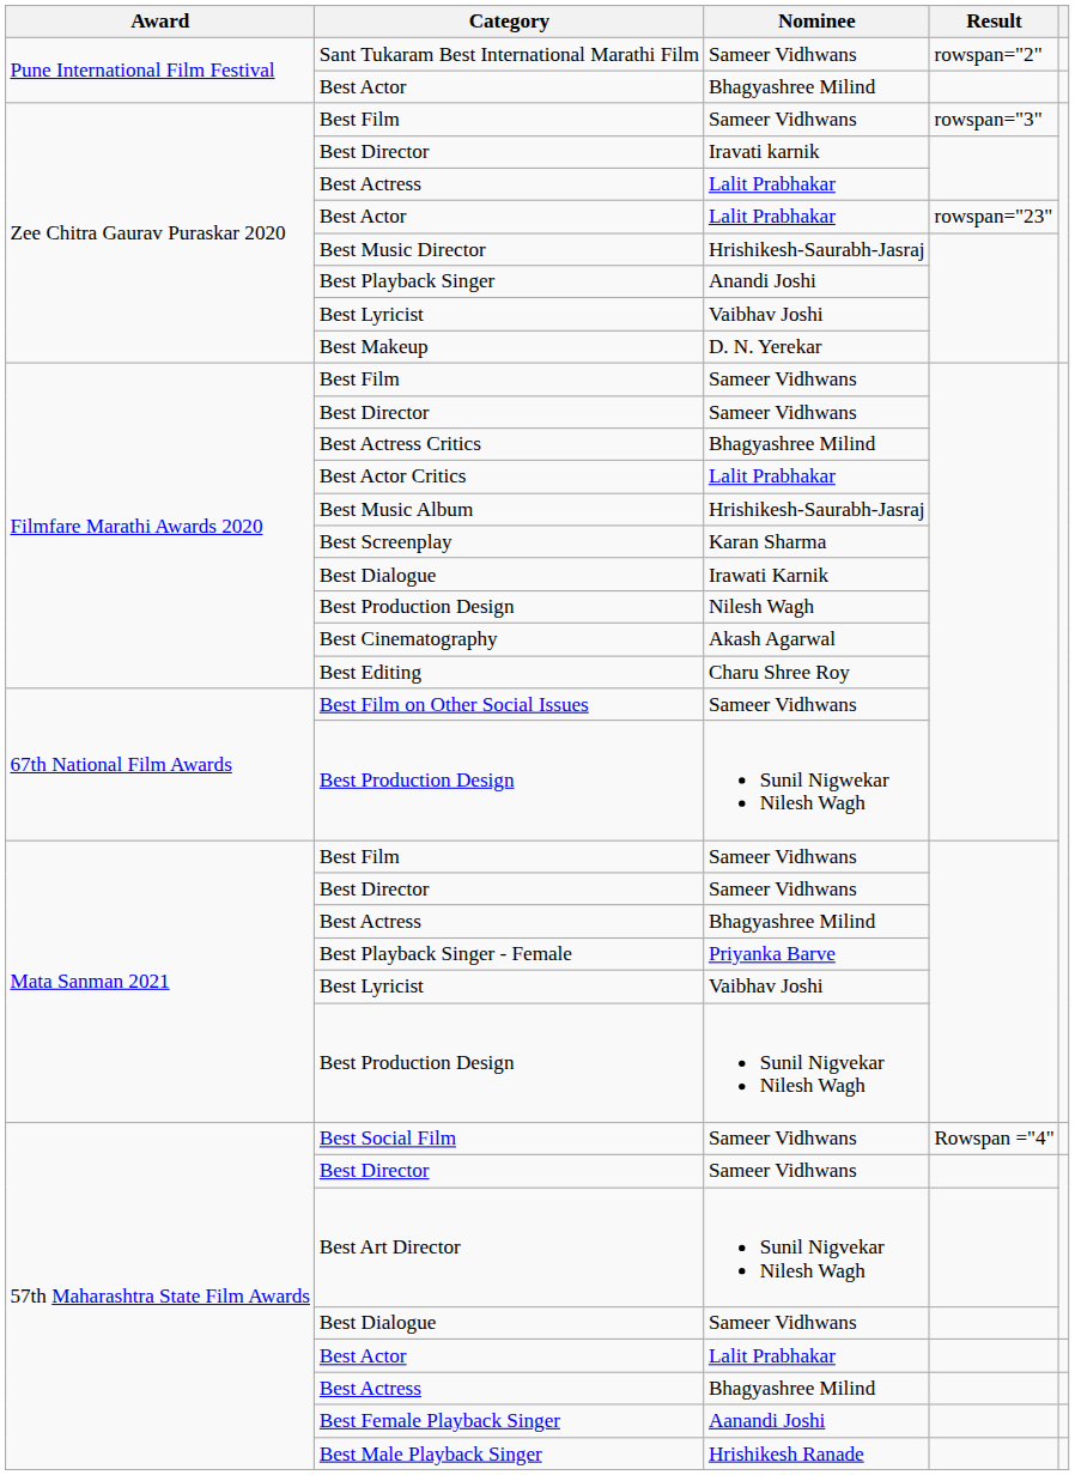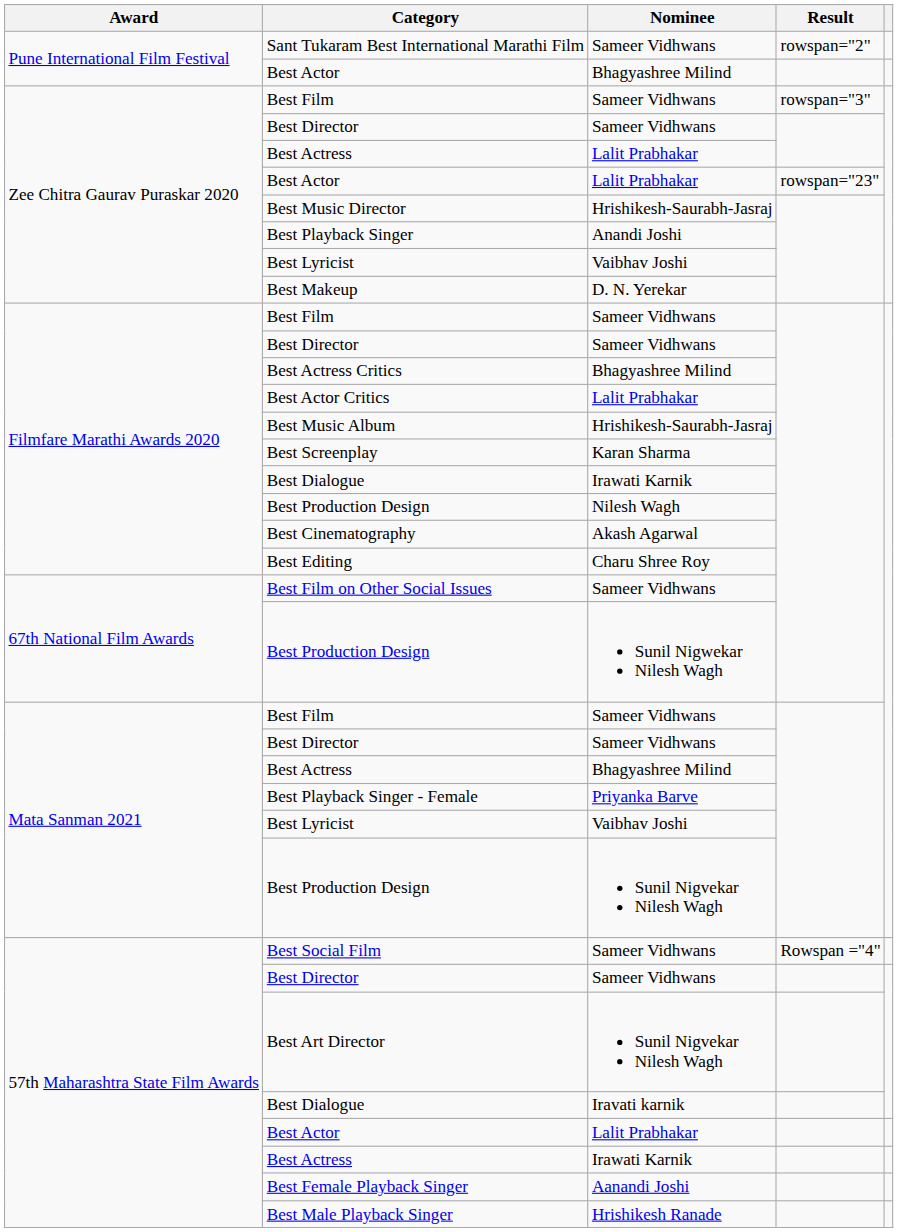 <table class="wikitable sortable plainrowheaders">
 <tr>
 <th>Award</th>
 <th>Category</th>
 <th>Nominee</th>
 <th>Result</th>
 <th></th>
 </tr>
 <tr>
 <td rowspan="2"><a href='#'>Pune International Film Festival</a></td>
 <td>Sant Tukaram Best International Marathi Film</td>
 <td>Sameer Vidhwans</td>
 <td>rowspan="2" </td>
 <td></td>
 </tr>
 <tr>
 <td>Best Actor</td>
 <td>Bhagyashree Milind</td>
 <td></td>
 </tr>
 <tr>
 <td rowspan="8">Zee Chitra Gaurav Puraskar 2020</td>
 <td>Best Film</td>
 <td>Sameer Vidhwans</td>
 <td>rowspan="3" </td>
 <td rowspan="8"></td>
 </tr>
 <tr>
 <td>Best Director</td>
-<td>Iravati karnik</td>
+<td>Sameer Vidhwans</td>
 </tr>
 <tr>
 <td>Best Actress</td>
 <td><a href='#'>Lalit Prabhakar</a></td>
 </tr>
 <tr>
 <td>Best Actor</td>
 <td><a href='#'>Lalit Prabhakar</a></td>
 <td>rowspan="23" </td>
 </tr>
 <tr>
 <td>Best Music Director</td>
 <td>Hrishikesh-Saurabh-Jasraj</td>
 </tr>
 <tr>
 <td>Best Playback Singer</td>
 <td>Anandi Joshi</td>
 </tr>
 <tr>
 <td>Best Lyricist</td>
 <td>Vaibhav Joshi</td>
 </tr>
 <tr>
 <td>Best Makeup</td>
 <td>D. N. Yerekar</td>
 </tr>
 <tr>
 <td rowspan="10"><a href='#'>Filmfare Marathi Awards 2020</a></td>
 <td>Best Film</td>
 <td>Sameer Vidhwans</td>
 <td rowspan="12"></td>
 </tr>
 <tr>
 <td>Best Director</td>
 <td>Sameer Vidhwans</td>
 </tr>
 <tr>
 <td>Best Actress Critics</td>
 <td>Bhagyashree Milind</td>
 </tr>
 <tr>
 <td>Best Actor Critics</td>
 <td><a href='#'>Lalit Prabhakar</a></td>
 </tr>
 <tr>
 <td>Best Music Album</td>
 <td>Hrishikesh-Saurabh-Jasraj</td>
 </tr>
 <tr>
 <td>Best Screenplay</td>
 <td>Karan Sharma</td>
 </tr>
 <tr>
 <td>Best Dialogue</td>
 <td>Irawati Karnik</td>
 </tr>
 <tr>
 <td>Best Production Design</td>
 <td>Nilesh Wagh</td>
 </tr>
 <tr>
 <td>Best Cinematography</td>
 <td>Akash Agarwal</td>
 </tr>
 <tr>
 <td>Best Editing</td>
 <td>Charu Shree Roy</td>
 </tr>
 <tr>
 <td rowspan= "2"><a href='#'>67th National Film Awards</a></td>
 <td><a href='#'>Best Film on Other Social Issues</a></td>
 <td>Sameer Vidhwans</td>
 </tr>
 <tr>
 <td><a href='#'>Best Production Design</a></td>
 <td><br><ul><li>Sunil Nigwekar</li><li>Nilesh Wagh</li></ul></td>
 </tr>
 <tr>
 <td rowspan="6"><a href='#'>Mata Sanman 2021</a></td>
 <td>Best Film</td>
 <td>Sameer Vidhwans</td>
 <td rowspan="6"></td>
 </tr>
 <tr>
 <td>Best Director</td>
 <td>Sameer Vidhwans</td>
 </tr>
 <tr>
 <td>Best Actress</td>
 <td>Bhagyashree Milind</td>
 </tr>
 <tr>
 <td>Best Playback Singer - Female</td>
 <td><a href='#'>Priyanka Barve</a></td>
 </tr>
 <tr>
 <td>Best Lyricist</td>
 <td>Vaibhav Joshi</td>
 </tr>
 <tr>
 <td>Best Production Design</td>
 <td><br><ul><li>Sunil Nigvekar</li><li>Nilesh Wagh</li></ul></td>
 </tr>
 <tr>
 <td rowspan= "8">57th <a href='#'>Maharashtra State Film Awards </a></td>
 <td><a href='#'>Best Social Film</a></td>
 <td>Sameer Vidhwans</td>
 <td>Rowspan ="4" </td>
 <td></td>
 </tr>
 <tr>
 <td><a href='#'>Best Director</a></td>
 <td>Sameer Vidhwans</td>
 <td></td>
 </tr>
 <tr>
 <td>Best Art Director</td>
 <td><br><ul><li>Sunil Nigvekar</li><li>Nilesh Wagh</li></ul></td>
 <td></td>
 </tr>
 <tr>
 <td>Best Dialogue</td>
-<td>Sameer Vidhwans</td>
+<td>Iravati karnik</td>
 <td></td>
 </tr>
 <tr>
 <td><a href='#'>Best Actor</a></td>
 <td><a href='#'>Lalit Prabhakar</a></td>
 <td></td>
 <td></td>
 </tr>
 <tr>
 <td><a href='#'>Best Actress</a></td>
-<td>Bhagyashree Milind</td>
+<td>Irawati Karnik</td>
 <td></td>
 <td></td>
 </tr>
 <tr>
 <td><a href='#'>Best Female Playback Singer</a></td>
 <td><a href='#'>Aanandi Joshi</a></td>
 <td></td>
 <td></td>
 </tr>
 <tr>
 <td><a href='#'>Best Male Playback Singer</a></td>
 <td><a href='#'>Hrishikesh Ranade</a></td>
 <td></td>
 <td></td>
 </tr>
 <tr>
 </tr>
 </table>
